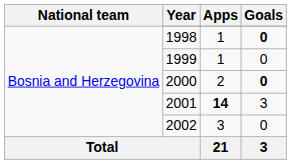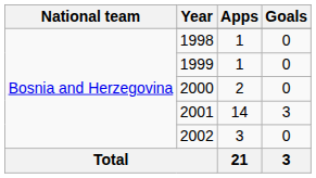 <table class=wikitable style=text-align:center>
 <tr>
 <th>National team</th>
 <th>Year</th>
 <th>Apps</th>
 <th>Goals</th>
 </tr>
 <tr>
 <td rowspan=6><a href='#'>Bosnia and Herzegovina</a></td>
 </tr>
 <tr>
 <td>1998</td>
 <td>1</td>
-<td><strong>0</strong></td>
+<td>0</td>
 </tr>
 <tr>
 <td>1999</td>
 <td>1</td>
 <td>0</td>
 </tr>
 <tr>
 <td>2000</td>
 <td>2</td>
-<td><strong>0</strong></td>
+<td>0</td>
 </tr>
 <tr>
 <td>2001</td>
-<td><strong>14</strong></td>
+<td>14</td>
 <td>3</td>
 </tr>
 <tr>
 <td>2002</td>
 <td>3</td>
 <td>0</td>
 </tr>
 <tr>
 <th colspan=2>Total</th>
 <th>21</th>
 <th>3</th>
 </tr>
 </table>
